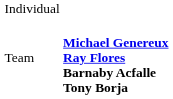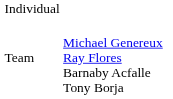 <table>
 <tr>
 <td>Individual</td>
 <td></td>
 <td></td>
 <td></td>
 </tr>
 <tr>
 <td>Team</td>
-<td nowrap><strong><br><a href='#'>Michael Genereux</a><br><a href='#'>Ray Flores</a><br>Barnaby Acfalle<br>Tony Borja</strong></td>
+<td nowrap><br><a href='#'>Michael Genereux</a><br><a href='#'>Ray Flores</a><br>Barnaby Acfalle<br>Tony Borja</td>
 <td nowrap></td>
 <td nowrap></td>
 </tr>
 </table>
